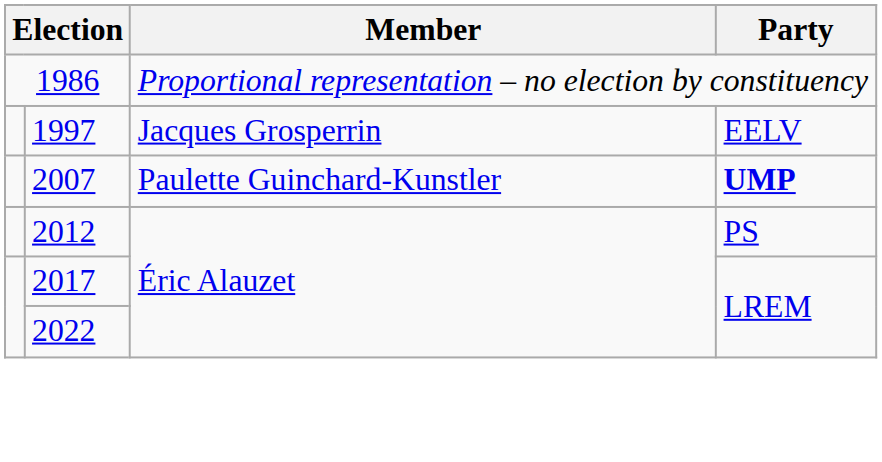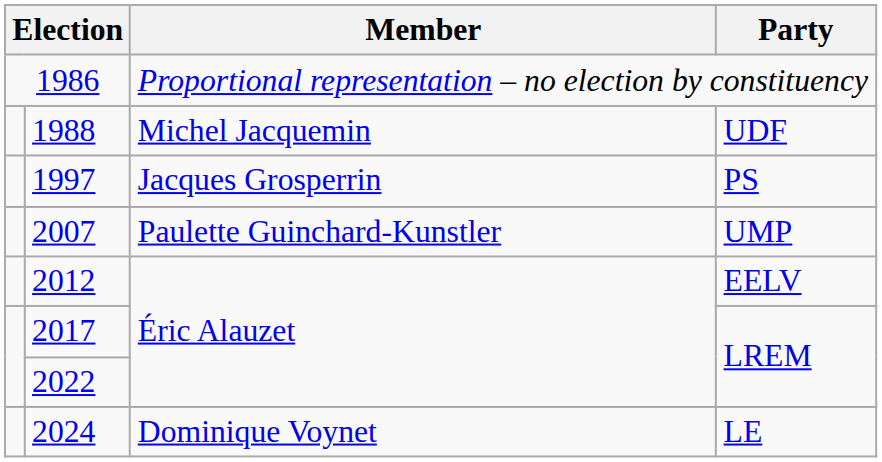 <table class="wikitable">
 <tr>
 <th colspan="2">Election</th>
 <th>Member</th>
 <th>Party</th>
 </tr>
 <tr>
 <td colspan="2" align="center"><a href='#'>1986</a></td>
 <td colspan="2"><em><a href='#'>Proportional representation</a> – no election by constituency</em></td>
 </tr>
 <tr>
 <td style="color:inherit;background-color: "></td>
+<td><a href='#'>1988</a></td>
+<td><a href='#'>Michel Jacquemin</a></td>
+<td><a href='#'>UDF</a></td>
+</tr>
+<tr>
+<td style="color:inherit;background-color: "></td>
 <td><a href='#'>1997</a></td>
 <td><a href='#'>Jacques Grosperrin</a></td>
-<td><a href='#'>EELV</a></td>
+<td><a href='#'>PS</a></td>
 </tr>
 <tr>
 <td style="color:inherit;background-color: "></td>
 <td><a href='#'>2007</a></td>
 <td><a href='#'>Paulette Guinchard-Kunstler</a></td>
-<td><strong><a href='#'>UMP</a></strong></td>
+<td><a href='#'>UMP</a></td>
 </tr>
 <tr>
 <td style="color:inherit;background-color: "></td>
 <td><a href='#'>2012</a></td>
 <td rowspan="3"><a href='#'>Éric Alauzet</a></td>
-<td><a href='#'>PS</a></td>
+<td><a href='#'>EELV</a></td>
 </tr>
 <tr>
 <td rowspan="2" style="color:inherit;background-color: "></td>
 <td><a href='#'>2017</a></td>
 <td rowspan="2"><a href='#'>LREM</a></td>
 </tr>
 <tr>
 <td><a href='#'>2022</a></td>
 </tr>
+<tr>
+<td style="color:inherit;background-color: "></td>
+<td><a href='#'>2024</a></td>
+<td><a href='#'>Dominique Voynet</a></td>
+<td><a href='#'>LE</a></td>
+</tr>
 </table>
